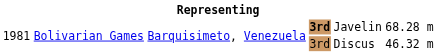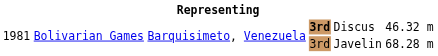 <table>
 <tr>
 <th colspan="6">Representing </th>
 </tr>
 <tr>
 <td rowspan = "2">1981</td>
 <td rowspan = "2"><a href='#'>Bolivarian Games</a></td>
 <td rowspan = "2"><a href='#'>Barquisimeto</a>, <a href='#'>Venezuela</a></td>
 <td bgcolor=cc9966><strong>3rd</strong></td>
+<td>Discus</td>
+<td>46.32 m</td>
+</tr>
+<tr>
+<td bgcolor=cc9966>3rd</td>
 <td>Javelin</td>
 <td>68.28 m</td>
 </tr>
-<tr>
-<td bgcolor=cc9966>3rd</td>
-<td>Discus</td>
-<td>46.32 m</td>
-</tr>
 </table>
